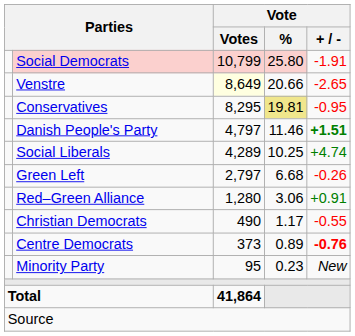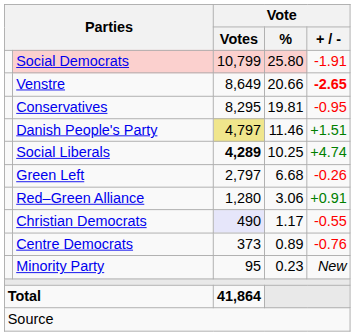 <table class="wikitable" style="text-align:right;">
 <tr>
 <th style="text-align:centre;" rowspan="2" colspan="2" width="225">Parties</th>
 <th colspan="3">Vote</th>
 </tr>
 <tr>
 <th width="15">Votes</th>
 <th width="15">%</th>
 <th width="15">+ / -</th>
 </tr>
 <tr>
 <td width="2" style="color:inherit;background:"></td>
 <td bgcolor=#fbd0ce  align="left"><a href='#'>Social Democrats</a></td>
 <td bgcolor=#fbd0ce>10,799</td>
 <td bgcolor=#fbd0ce>25.80</td>
 <td style=color:red;>-1.91</td>
 </tr>
 <tr>
 <td width="2" style="color:inherit;background:"></td>
 <td align="left"><a href='#'>Venstre</a></td>
-<td style="background: lightyellow;">8,649</td>
+<td>8,649</td>
 <td>20.66</td>
-<td style=color:red;>-2.65</td>
+<td style=color:red;><strong>-2.65</strong></td>
 </tr>
 <tr>
 <td width="2" style="color:inherit;background:"></td>
 <td align="left"><a href='#'>Conservatives</a></td>
 <td>8,295</td>
-<td style="background: khaki;">19.81</td>
+<td>19.81</td>
 <td style=color:red;>-0.95</td>
 </tr>
 <tr>
 <td width="2" style="color:inherit;background:"></td>
 <td align="left"><a href='#'>Danish People's Party</a></td>
-<td>4,797</td>
+<td style="background: khaki;">4,797</td>
 <td>11.46</td>
-<td style=color:green;><strong>+1.51</strong></td>
+<td style=color:green;>+1.51</td>
 </tr>
 <tr>
 <td width="2" style="color:inherit;background:"></td>
 <td align="left"><a href='#'>Social Liberals</a></td>
-<td>4,289</td>
+<td><strong>4,289</strong></td>
 <td>10.25</td>
 <td style=color:green;>+4.74</td>
 </tr>
 <tr>
 <td width="2" style="color:inherit;background:"></td>
 <td align="left"><a href='#'>Green Left</a></td>
 <td>2,797</td>
 <td>6.68</td>
 <td style=color:red;>-0.26</td>
 </tr>
 <tr>
 <td width="2" style="color:inherit;background:"></td>
 <td align="left"><a href='#'>Red–Green Alliance</a></td>
 <td>1,280</td>
 <td>3.06</td>
 <td style=color:green;>+0.91</td>
 </tr>
 <tr>
 <td width="2" style="color:inherit;background:"></td>
 <td align="left"><a href='#'>Christian Democrats</a></td>
-<td>490</td>
+<td style="background: lavender;">490</td>
 <td>1.17</td>
 <td style=color:red;>-0.55</td>
 </tr>
 <tr>
 <td width="2" style="color:inherit;background:"></td>
 <td align="left"><a href='#'>Centre Democrats</a></td>
 <td>373</td>
 <td>0.89</td>
-<td style=color:red;><strong>-0.76</strong></td>
+<td style=color:red;>-0.76</td>
 </tr>
 <tr>
 <td width="2" style="color:inherit;background:"></td>
 <td align="left"><a href='#'>Minority Party</a></td>
 <td>95</td>
 <td>0.23</td>
 <td><em>New</em></td>
 </tr>
 <tr>
 <td colspan="7" bgcolor="#E9E9E9"></td>
 </tr>
 <tr>
 <td align="left" colspan="2"><strong>Total</strong></td>
 <td><strong>41,864</strong></td>
 <td bgcolor="#E9E9E9" colspan="2"></td>
 </tr>
 <tr>
 <td align="left" colspan="6">Source</td>
 </tr>
 </table>
